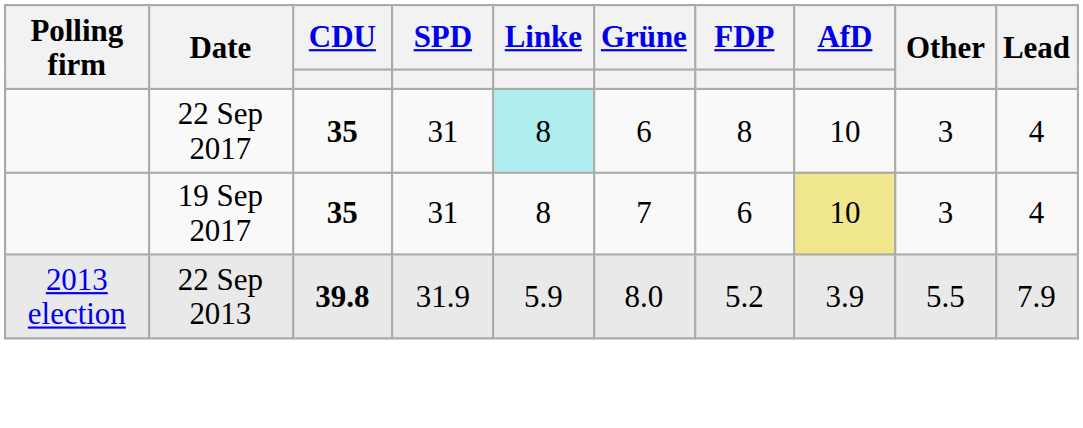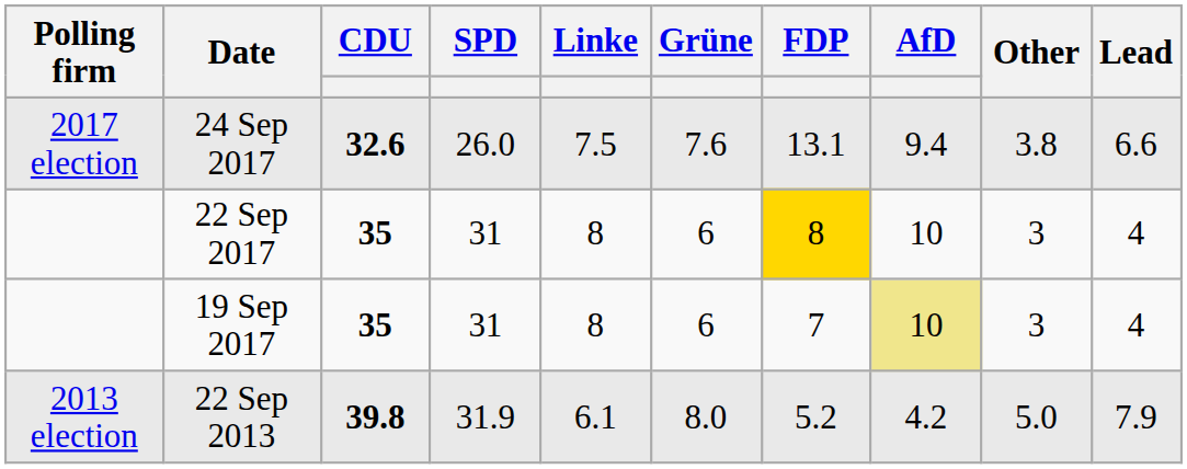 <table class="wikitable sortable" style="text-align:center; font-size:90%; line-height:16px;">
 <tr>
 <th style="width:60px;" rowspan="2">Polling firm</th>
 <th style="width:60px;" rowspan="2">Date</th>
 <th style="width:40px;" class="unsortable"><a href='#'>CDU</a></th>
 <th style="width:40px;" class="unsortable"><a href='#'>SPD</a></th>
 <th style="width:40px;" class="unsortable"><a href='#'>Linke</a></th>
 <th style="width:40px;" class="unsortable"><a href='#'>Grüne</a></th>
 <th style="width:40px;" class="unsortable"><a href='#'>FDP</a></th>
 <th style="width:40px;" class="unsortable"><a href='#'>AfD</a></th>
 <th style="width:40px;" rowspan="2" class="unsortable">Other</th>
 <th style="width:30px;" rowspan="2" class="unsortable">Lead</th>
 </tr>
 <tr>
 <th style="color:inherit;background:"></th>
 <th style="color:inherit;background:"></th>
 <th style="color:inherit;background:"></th>
 <th style="color:inherit;background:"></th>
 <th style="color:inherit;background:"></th>
 <th style="color:inherit;background:"></th>
 </tr>
+<tr style="background-color:#E9E9E9">
+<td><a href='#'>2017 election</a></td>
+<td>24 Sep 2017</td>
+<td><strong>32.6</strong></td>
+<td>26.0</td>
+<td>7.5</td>
+<td>7.6</td>
+<td>13.1</td>
+<td>9.4</td>
+<td>3.8</td>
+<td style="background:">6.6</td>
+</tr>
 <tr>
 <td></td>
 <td>22 Sep 2017</td>
 <td><strong>35</strong></td>
 <td>31</td>
-<td style="background: paleturquoise;">8</td>
+<td>8</td>
 <td>6</td>
-<td>8</td>
+<td style="background: gold;">8</td>
 <td>10</td>
 <td>3</td>
 <td style="background:">4</td>
 </tr>
 <tr>
 <td></td>
 <td>19 Sep 2017</td>
 <td><strong>35</strong></td>
 <td>31</td>
 <td>8</td>
+<td>6</td>
 <td>7</td>
-<td>6</td>
 <td style="background: khaki;">10</td>
 <td>3</td>
 <td style="background:">4</td>
 </tr>
 <tr style="background-color:#E9E9E9">
 <td><a href='#'>2013 election</a></td>
 <td>22 Sep 2013</td>
 <td><strong>39.8</strong></td>
 <td>31.9</td>
-<td>5.9</td>
+<td>6.1</td>
 <td>8.0</td>
 <td>5.2</td>
-<td>3.9</td>
-<td>5.5</td>
+<td>4.2</td>
+<td>5.0</td>
 <td style="background:">7.9</td>
 </tr>
 </table>
